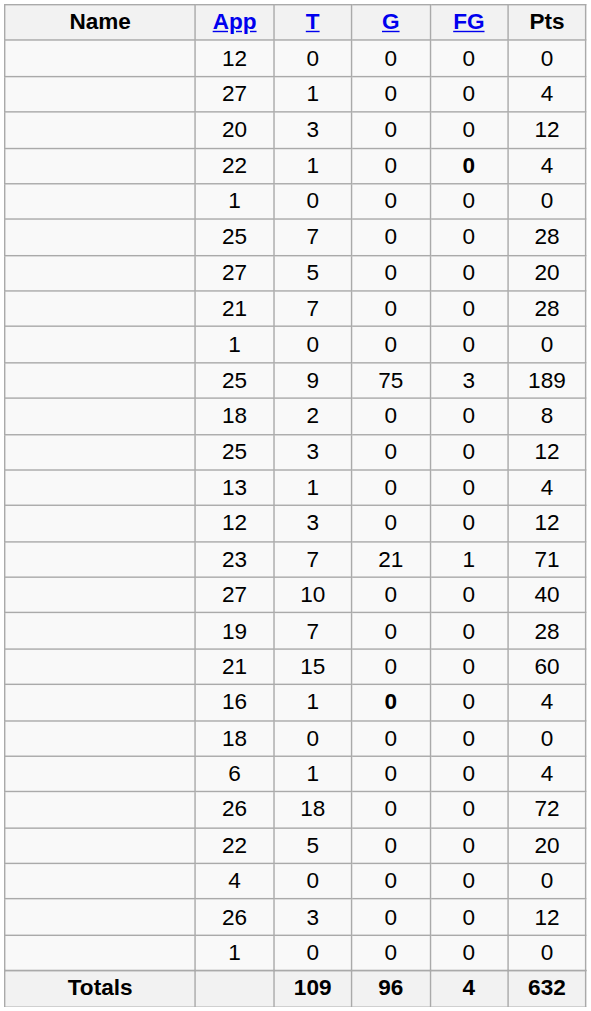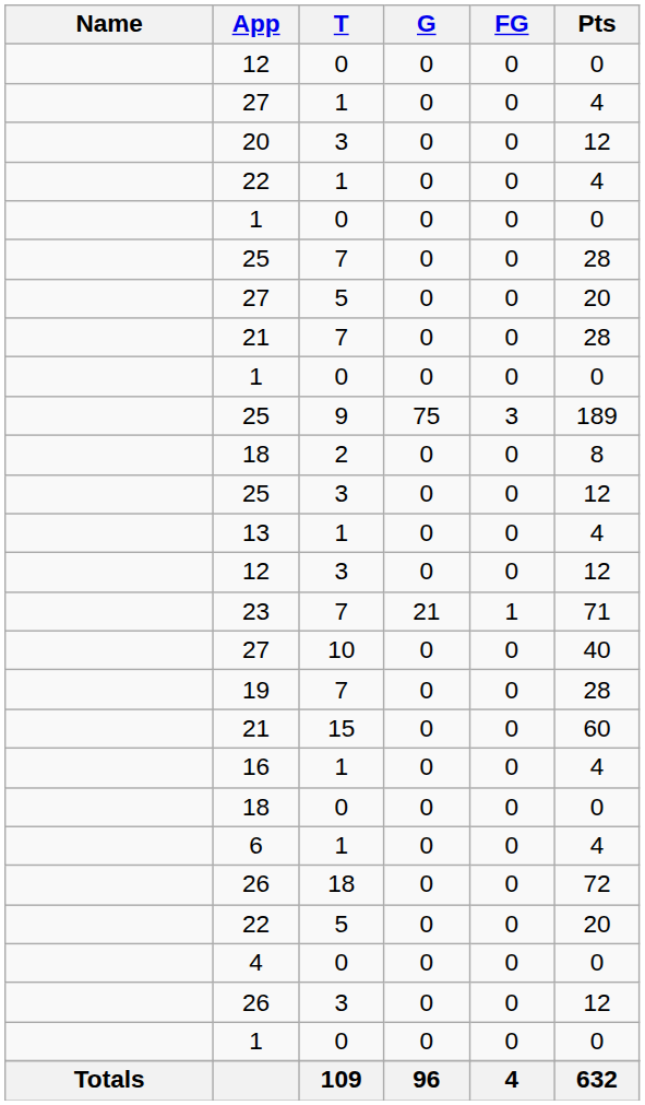 <table class="wikitable sortable" style="text-align: center;">
 <tr>
 <th style="width:8em">Name</th>
 <th style="width:3em"><a href='#'>App</a></th>
 <th style="width:3em"><a href='#'>T</a></th>
 <th style="width:3em"><a href='#'>G</a></th>
 <th style="width:3em"><a href='#'>FG</a></th>
 <th style="width:3em">Pts</th>
 </tr>
 <tr>
 <td style="text-align:left;"></td>
 <td>12</td>
 <td>0</td>
 <td>0</td>
 <td>0</td>
 <td>0</td>
 </tr>
 <tr>
 <td style="text-align:left;"></td>
 <td>27</td>
 <td>1</td>
 <td>0</td>
 <td>0</td>
 <td>4</td>
 </tr>
 <tr>
 <td style="text-align:left;"></td>
 <td>20</td>
 <td>3</td>
 <td>0</td>
 <td>0</td>
 <td>12</td>
 </tr>
 <tr>
 <td style="text-align:left;"></td>
 <td>22</td>
 <td>1</td>
 <td>0</td>
-<td><strong>0</strong></td>
+<td>0</td>
 <td>4</td>
 </tr>
 <tr>
 <td style="text-align:left;"></td>
 <td>1</td>
 <td>0</td>
 <td>0</td>
 <td>0</td>
 <td>0</td>
 </tr>
 <tr>
 <td style="text-align:left;"></td>
 <td>25</td>
 <td>7</td>
 <td>0</td>
 <td>0</td>
 <td>28</td>
 </tr>
 <tr>
 <td style="text-align:left;"></td>
 <td>27</td>
 <td>5</td>
 <td>0</td>
 <td>0</td>
 <td>20</td>
 </tr>
 <tr>
 <td style="text-align:left;"></td>
 <td>21</td>
 <td>7</td>
 <td>0</td>
 <td>0</td>
 <td>28</td>
 </tr>
 <tr>
 <td style="text-align:left;"></td>
 <td>1</td>
 <td>0</td>
 <td>0</td>
 <td>0</td>
 <td>0</td>
 </tr>
 <tr>
 <td style="text-align:left;"></td>
 <td>25</td>
 <td>9</td>
 <td>75</td>
 <td>3</td>
 <td>189</td>
 </tr>
 <tr>
 <td style="text-align:left;"></td>
 <td>18</td>
 <td>2</td>
 <td>0</td>
 <td>0</td>
 <td>8</td>
 </tr>
 <tr>
 <td style="text-align:left;"></td>
 <td>25</td>
 <td>3</td>
 <td>0</td>
 <td>0</td>
 <td>12</td>
 </tr>
 <tr>
 <td style="text-align:left;"></td>
 <td>13</td>
 <td>1</td>
 <td>0</td>
 <td>0</td>
 <td>4</td>
 </tr>
 <tr>
 <td style="text-align:left;"></td>
 <td>12</td>
 <td>3</td>
 <td>0</td>
 <td>0</td>
 <td>12</td>
 </tr>
 <tr>
 <td style="text-align:left;"></td>
 <td>23</td>
 <td>7</td>
 <td>21</td>
 <td>1</td>
 <td>71</td>
 </tr>
 <tr>
 <td style="text-align:left;"></td>
 <td>27</td>
 <td>10</td>
 <td>0</td>
 <td>0</td>
 <td>40</td>
 </tr>
 <tr>
 <td style="text-align:left;"></td>
 <td>19</td>
 <td>7</td>
 <td>0</td>
 <td>0</td>
 <td>28</td>
 </tr>
 <tr>
 <td style="text-align:left;"></td>
 <td>21</td>
 <td>15</td>
 <td>0</td>
 <td>0</td>
 <td>60</td>
 </tr>
 <tr>
 <td style="text-align:left;"></td>
 <td>16</td>
 <td>1</td>
-<td><strong>0</strong></td>
+<td>0</td>
 <td>0</td>
 <td>4</td>
 </tr>
 <tr>
 <td style="text-align:left;"></td>
 <td>18</td>
 <td>0</td>
 <td>0</td>
 <td>0</td>
 <td>0</td>
 </tr>
 <tr>
 <td style="text-align:left;"></td>
 <td>6</td>
 <td>1</td>
 <td>0</td>
 <td>0</td>
 <td>4</td>
 </tr>
 <tr>
 <td style="text-align:left;"></td>
 <td>26</td>
 <td>18</td>
 <td>0</td>
 <td>0</td>
 <td>72</td>
 </tr>
 <tr>
 <td style="text-align:left;"></td>
 <td>22</td>
 <td>5</td>
 <td>0</td>
 <td>0</td>
 <td>20</td>
 </tr>
 <tr>
 <td style="text-align:left;"></td>
 <td>4</td>
 <td>0</td>
 <td>0</td>
 <td>0</td>
 <td 0>0</td>
 </tr>
 <tr>
 <td style="text-align:left;"></td>
 <td>26</td>
 <td>3</td>
 <td>0</td>
 <td>0</td>
 <td>12</td>
 </tr>
 <tr>
 <td style="text-align:left;"></td>
 <td>1</td>
 <td>0</td>
 <td>0</td>
 <td>0</td>
 <td 0>0</td>
 </tr>
 <tr>
 </tr>
 <tr class="sortbottom">
 <th>Totals</th>
 <th></th>
 <th>109</th>
 <th>96</th>
 <th>4</th>
 <th>632</th>
 </tr>
 </table>
